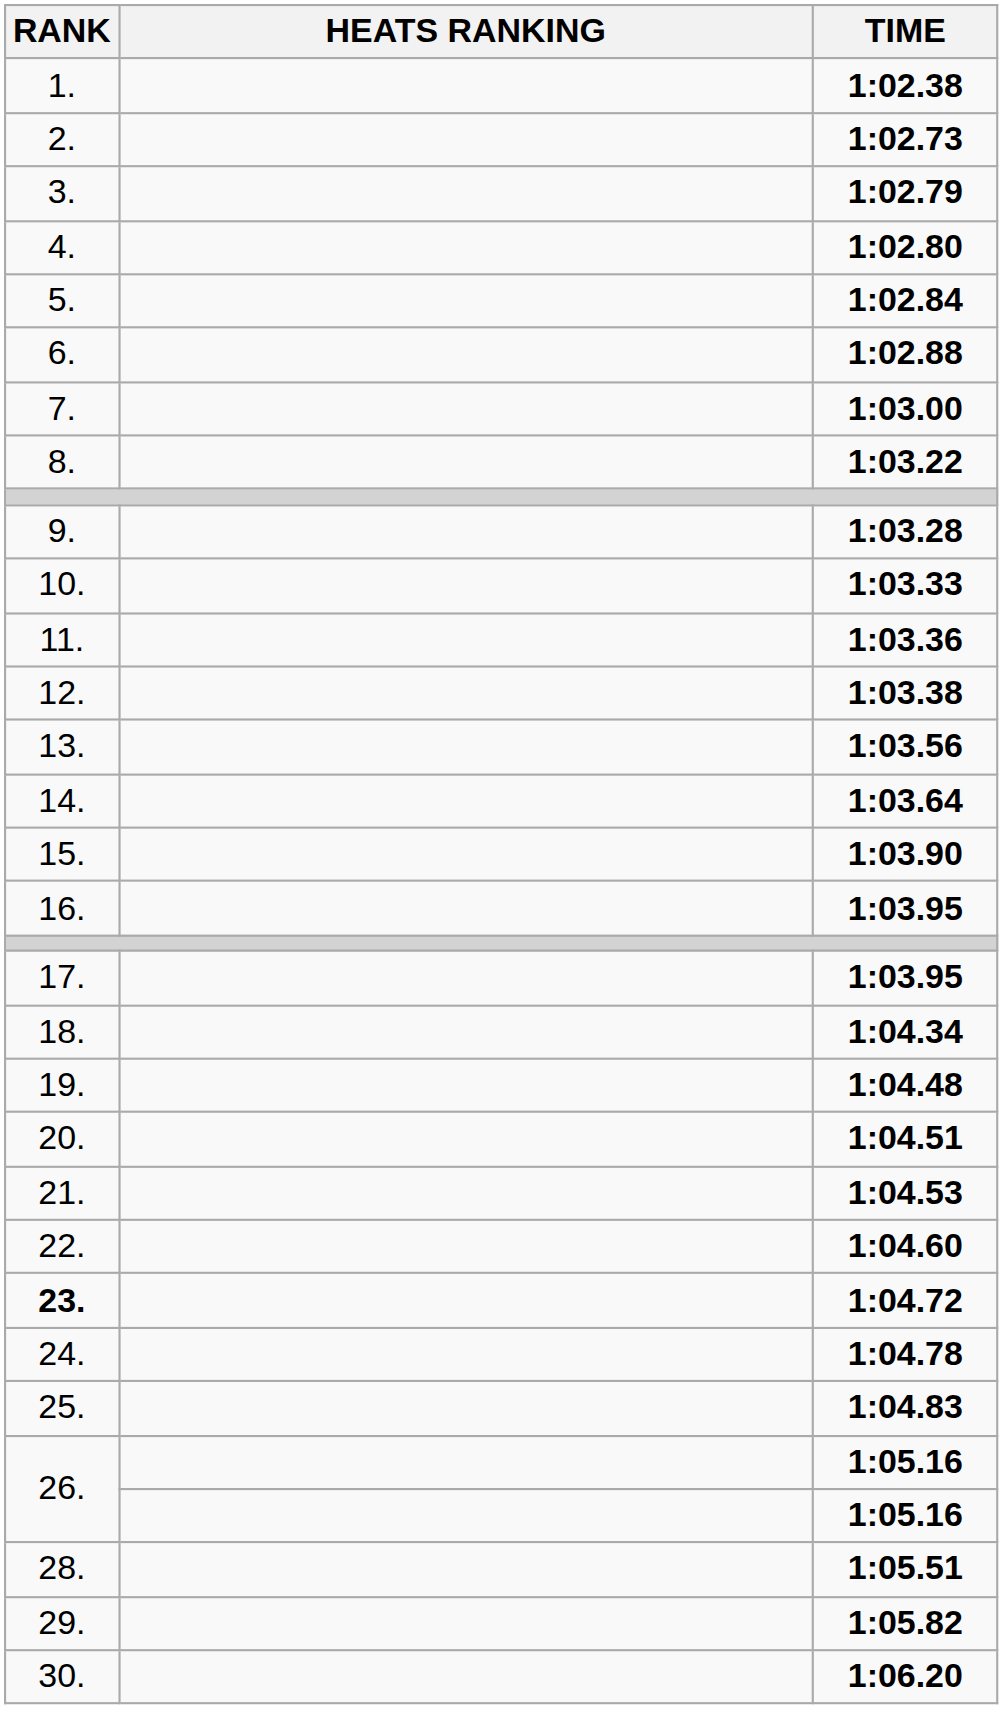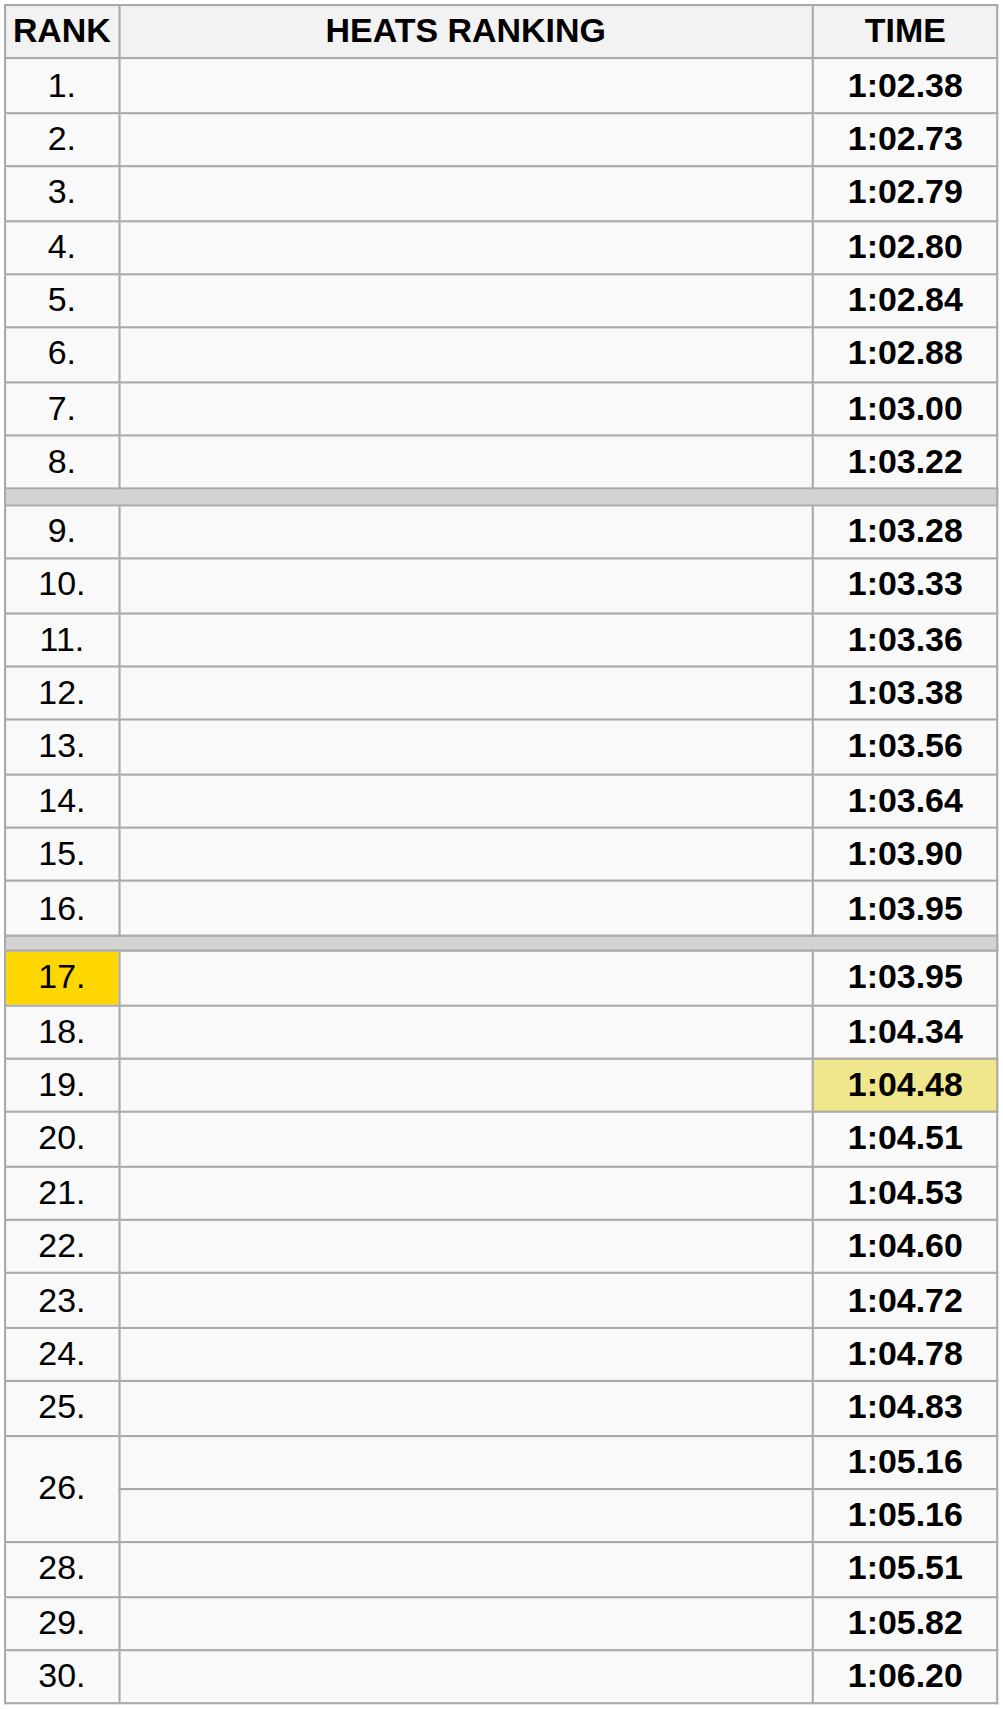 <table class="wikitable">
 <tr>
 <th>RANK</th>
 <th style="width: 20em">HEATS RANKING</th>
 <th style="width: 5em">TIME</th>
 </tr>
 <tr>
 <td align="center">1.</td>
 <td></td>
 <td align="center"><strong>1:02.38</strong></td>
 </tr>
 <tr>
 <td align="center">2.</td>
 <td></td>
 <td align="center"><strong>1:02.73</strong></td>
 </tr>
 <tr>
 <td align="center">3.</td>
 <td></td>
 <td align="center"><strong>1:02.79</strong></td>
 </tr>
 <tr>
 <td align="center">4.</td>
 <td></td>
 <td align="center"><strong>1:02.80</strong></td>
 </tr>
 <tr>
 <td align="center">5.</td>
 <td></td>
 <td align="center"><strong>1:02.84</strong></td>
 </tr>
 <tr>
 <td align="center">6.</td>
 <td></td>
 <td align="center"><strong>1:02.88</strong></td>
 </tr>
 <tr>
 <td align="center">7.</td>
 <td></td>
 <td align="center"><strong>1:03.00</strong></td>
 </tr>
 <tr>
 <td align="center">8.</td>
 <td></td>
 <td align="center"><strong>1:03.22</strong></td>
 </tr>
 <tr>
 <td colspan=3 bgcolor=lightgray></td>
 </tr>
 <tr>
 <td align="center">9.</td>
 <td></td>
 <td align="center"><strong>1:03.28</strong></td>
 </tr>
 <tr>
 <td align="center">10.</td>
 <td></td>
 <td align="center"><strong>1:03.33</strong></td>
 </tr>
 <tr>
 <td align="center">11.</td>
 <td></td>
 <td align="center"><strong>1:03.36</strong></td>
 </tr>
 <tr>
 <td align="center">12.</td>
 <td></td>
 <td align="center"><strong>1:03.38</strong></td>
 </tr>
 <tr>
 <td align="center">13.</td>
 <td></td>
 <td align="center"><strong>1:03.56</strong></td>
 </tr>
 <tr>
 <td align="center">14.</td>
 <td></td>
 <td align="center"><strong>1:03.64</strong></td>
 </tr>
 <tr>
 <td align="center">15.</td>
 <td></td>
 <td align="center"><strong>1:03.90</strong></td>
 </tr>
 <tr>
 <td align="center">16.</td>
 <td></td>
 <td align="center"><strong>1:03.95</strong></td>
 </tr>
 <tr>
 <td colspan=3 bgcolor=lightgray></td>
 </tr>
 <tr>
-<td align="center">17.</td>
+<td align="center" style="background: gold;">17.</td>
 <td></td>
 <td align="center"><strong>1:03.95</strong></td>
 </tr>
 <tr>
 <td align="center">18.</td>
 <td></td>
 <td align="center"><strong>1:04.34</strong></td>
 </tr>
 <tr>
 <td align="center">19.</td>
 <td></td>
-<td align="center"><strong>1:04.48</strong></td>
+<td align="center" style="background: khaki;"><strong>1:04.48</strong></td>
 </tr>
 <tr>
 <td align="center">20.</td>
 <td></td>
 <td align="center"><strong>1:04.51</strong></td>
 </tr>
 <tr>
 <td align="center">21.</td>
 <td></td>
 <td align="center"><strong>1:04.53</strong></td>
 </tr>
 <tr>
 <td align="center">22.</td>
 <td></td>
 <td align="center"><strong>1:04.60</strong></td>
 </tr>
 <tr>
-<td align="center"><strong>23.</strong></td>
+<td align="center">23.</td>
 <td></td>
 <td align="center"><strong>1:04.72</strong></td>
 </tr>
 <tr>
 <td align="center">24.</td>
 <td></td>
 <td align="center"><strong>1:04.78</strong></td>
 </tr>
 <tr>
 <td align="center">25.</td>
 <td></td>
 <td align="center"><strong>1:04.83</strong></td>
 </tr>
 <tr>
 <td rowspan=2 align="center">26.</td>
 <td></td>
 <td align="center"><strong>1:05.16</strong></td>
 </tr>
 <tr>
 <td></td>
 <td align="center"><strong>1:05.16</strong></td>
 </tr>
 <tr>
 <td align="center">28.</td>
 <td></td>
 <td align="center"><strong>1:05.51</strong></td>
 </tr>
 <tr>
 <td align="center">29.</td>
 <td></td>
 <td align="center"><strong>1:05.82</strong></td>
 </tr>
 <tr>
 <td align="center">30.</td>
 <td></td>
 <td align="center"><strong>1:06.20</strong></td>
 </tr>
 </table>
